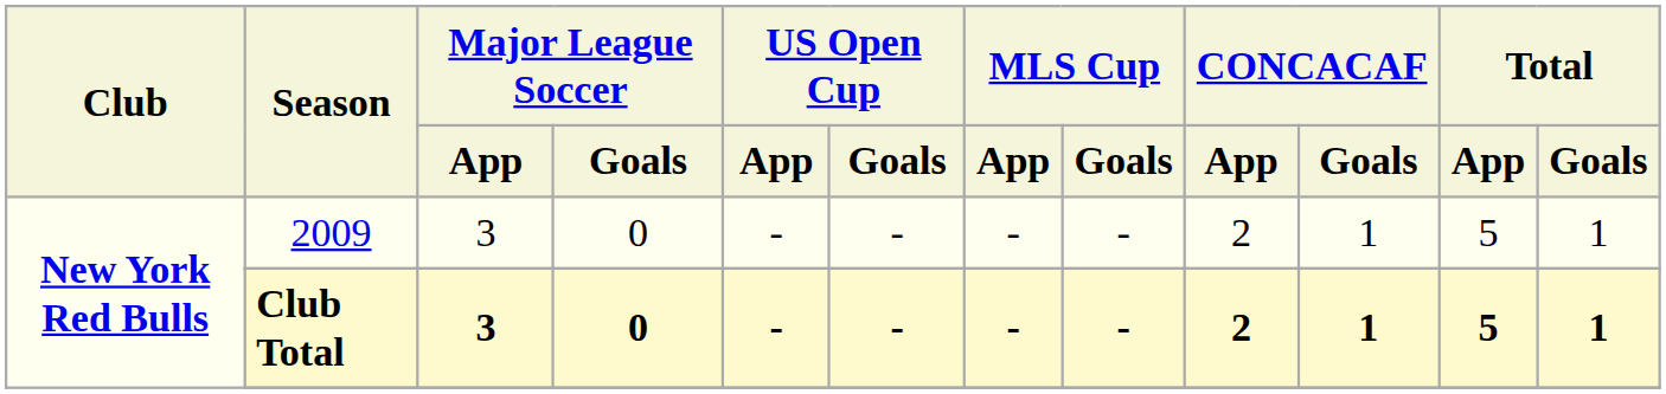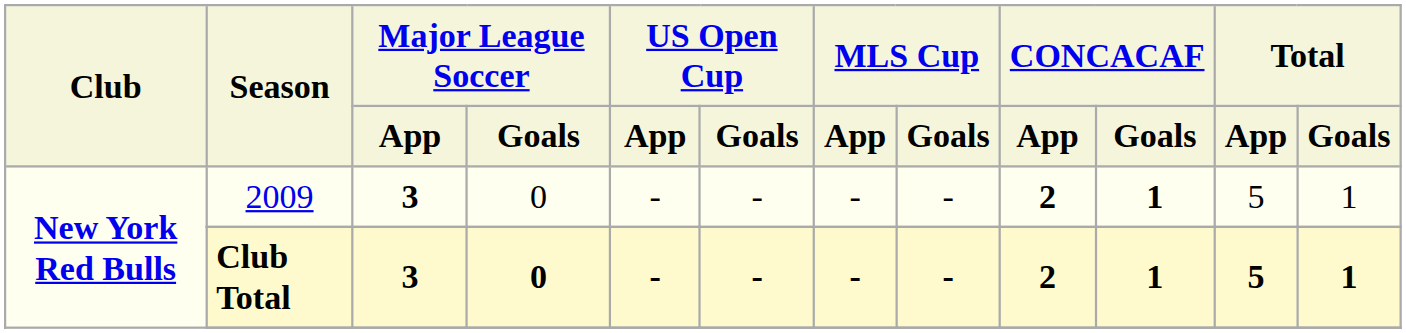 <table border=1 align=center cellpadding=4 cellspacing=2 style="background: ivory; font-size: 95%; border: 1px #aaaaaa solid; border-collapse: collapse; clear:center">
 <tr style="background:beige">
 <th rowspan="2">Club</th>
 <th rowspan="2">Season</th>
 <th colspan="2"><a href='#'>Major League Soccer</a></th>
 <th colspan="2"><a href='#'>US Open Cup</a></th>
 <th colspan="2"><a href='#'>MLS Cup</a></th>
 <th colspan="2"><a href='#'>CONCACAF</a></th>
 <th colspan="2">Total</th>
 </tr>
 <tr style="background:beige">
 <th>App</th>
 <th>Goals</th>
 <th>App</th>
 <th>Goals</th>
 <th>App</th>
 <th>Goals</th>
 <th>App</th>
 <th>Goals</th>
 <th>App</th>
 <th>Goals</th>
 </tr>
 <tr>
 <td rowspan="4" align=center valign=center><strong><a href='#'>New York Red Bulls</a></strong><br></td>
 <td align="center"><a href='#'>2009</a></td>
-<td align="center">3</td>
+<td align="center"><strong>3</strong></td>
 <td align="center">0</td>
 <td align="center">-</td>
 <td align="center">-</td>
 <td align="center">-</td>
 <td align="center">-</td>
-<td align="center">2</td>
-<td align="center">1</td>
+<td align="center"><strong>2</strong></td>
+<td align="center"><strong>1</strong></td>
 <td align="center">5</td>
 <td align="center">1</td>
 </tr>
 <tr>
 </tr>
 <tr style="background:lemonchiffon">
 <th colspan="1" align="left">Club Total</th>
 <th>3</th>
 <th>0</th>
 <th>-</th>
 <th>-</th>
 <th>-</th>
 <th>-</th>
 <th>2</th>
 <th>1</th>
 <th>5</th>
 <th>1</th>
 </tr>
 <tr>
 </tr>
 </table>
